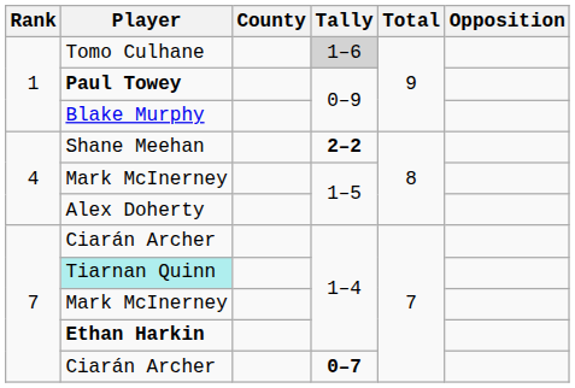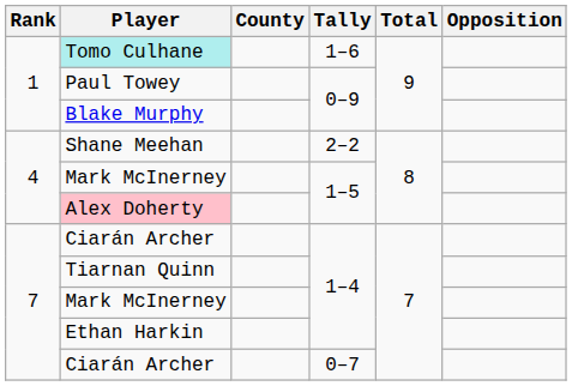 <table class="wikitable">
 <tr>
 <th>Rank</th>
 <th>Player</th>
 <th>County</th>
 <th>Tally</th>
 <th>Total</th>
 <th>Opposition</th>
 </tr>
 <tr>
 <td rowspan="3" style="text-align:center;">1</td>
-<td>Tomo Culhane</td>
+<td style="background: paleturquoise;">Tomo Culhane</td>
 <td></td>
-<td align=center style="background: lightgrey;">1–6</td>
+<td align=center>1–6</td>
 <td rowspan="3" style="text-align:center;">9</td>
 <td></td>
 </tr>
 <tr>
-<td><strong>Paul Towey</strong></td>
+<td>Paul Towey</td>
 <td></td>
 <td rowspan="2" style="text-align:center;">0–9</td>
 <td></td>
 </tr>
 <tr>
 <td><a href='#'>Blake Murphy</a></td>
 <td></td>
 <td></td>
 </tr>
 <tr>
 <td rowspan="3" style="text-align:center;">4</td>
 <td>Shane Meehan</td>
 <td></td>
-<td align=center><strong>2–2</strong></td>
+<td align=center>2–2</td>
 <td rowspan="3" style="text-align:center;">8</td>
 <td></td>
 </tr>
 <tr>
 <td>Mark McInerney</td>
 <td></td>
 <td rowspan="2" style="text-align:center;">1–5</td>
 <td></td>
 </tr>
 <tr>
-<td>Alex Doherty</td>
+<td style="background: pink;">Alex Doherty</td>
 <td></td>
 <td></td>
 </tr>
 <tr>
 <td rowspan="5" style="text-align:center;">7</td>
 <td>Ciarán Archer</td>
 <td></td>
 <td rowspan="4" style="text-align:center;">1–4</td>
 <td rowspan="5" style="text-align:center;">7</td>
 <td></td>
 </tr>
 <tr>
-<td style="background: paleturquoise;">Tiarnan Quinn</td>
+<td>Tiarnan Quinn</td>
 <td></td>
 <td></td>
 </tr>
 <tr>
 <td>Mark McInerney</td>
 <td></td>
 <td></td>
 </tr>
 <tr>
-<td><strong>Ethan Harkin</strong></td>
+<td>Ethan Harkin</td>
 <td></td>
 <td></td>
 </tr>
 <tr>
 <td>Ciarán Archer</td>
 <td></td>
-<td align=center><strong>0–7</strong></td>
+<td align=center>0–7</td>
 <td></td>
 </tr>
 </table>
